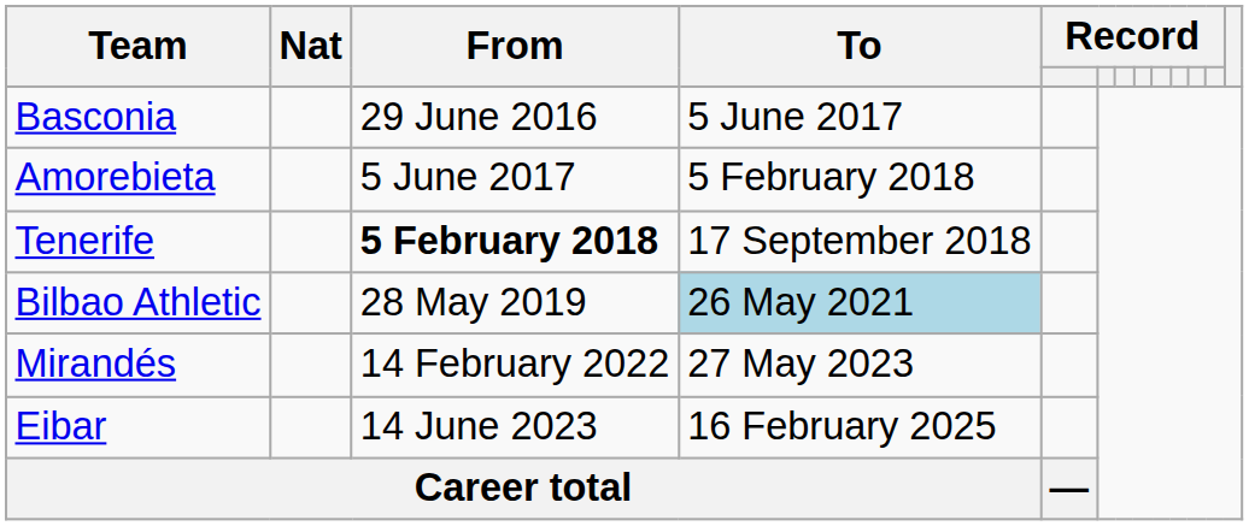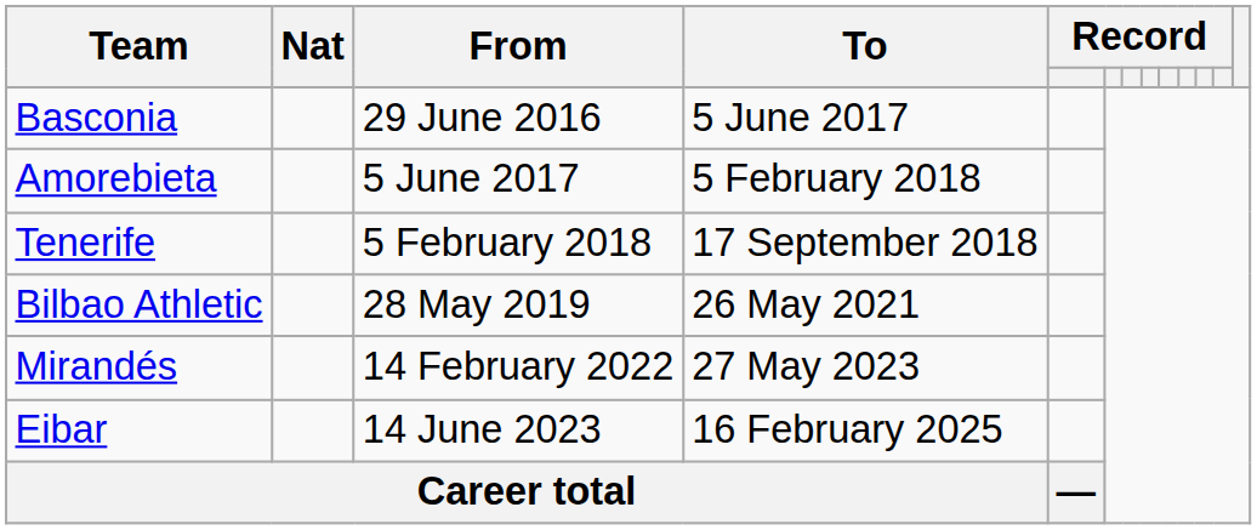 <table class="wikitable" style="text-align: center">
 <tr>
 <th rowspan="2">Team</th>
 <th rowspan="2">Nat</th>
 <th rowspan="2">From</th>
 <th rowspan="2">To</th>
 <th colspan="8">Record</th>
 <th rowspan=2></th>
 </tr>
 <tr>
 <th></th>
 <th></th>
 <th></th>
 <th></th>
 <th></th>
 <th></th>
 <th></th>
 <th></th>
 </tr>
 <tr>
 <td align=left><a href='#'>Basconia</a></td>
 <td></td>
 <td align=left>29 June 2016</td>
 <td align=left>5 June 2017<br></td>
 <td></td>
 </tr>
 <tr>
 <td align=left><a href='#'>Amorebieta</a></td>
 <td></td>
 <td align=left>5 June 2017</td>
 <td align=left>5 February 2018<br></td>
 <td></td>
 </tr>
 <tr>
 <td align=left><a href='#'>Tenerife</a></td>
 <td></td>
-<td align=left><strong>5 February 2018</strong></td>
+<td align=left>5 February 2018</td>
 <td align=left>17 September 2018<br></td>
 <td></td>
 </tr>
 <tr>
 <td align=left><a href='#'>Bilbao Athletic</a></td>
 <td></td>
 <td align=left>28 May 2019</td>
-<td align=left style="background: lightblue;">26 May 2021<br></td>
+<td align=left>26 May 2021<br></td>
 <td></td>
 </tr>
 <tr>
 <td align=left><a href='#'>Mirandés</a></td>
 <td></td>
 <td align=left>14 February 2022</td>
 <td align=left>27 May 2023<br></td>
 <td></td>
 </tr>
 <tr>
 <td align=left><a href='#'>Eibar</a></td>
 <td></td>
 <td align=left>14 June 2023</td>
 <td align=left>16 February 2025<br></td>
 <td></td>
 </tr>
 <tr>
 <th colspan=4>Career total<br></th>
 <th>—</th>
 </tr>
 </table>
